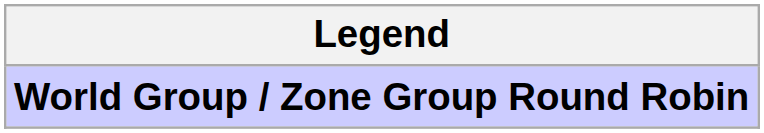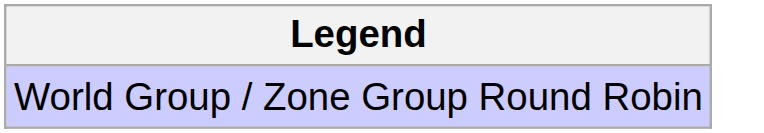 <table class=wikitable>
 <tr>
 <th>Legend</th>
 </tr>
 <tr>
-<td style="background:#ccf;"><strong>World Group / Zone Group Round Robin</strong></td>
+<td style="background:#ccf;">World Group / Zone Group Round Robin</td>
 </tr>
 </table>
